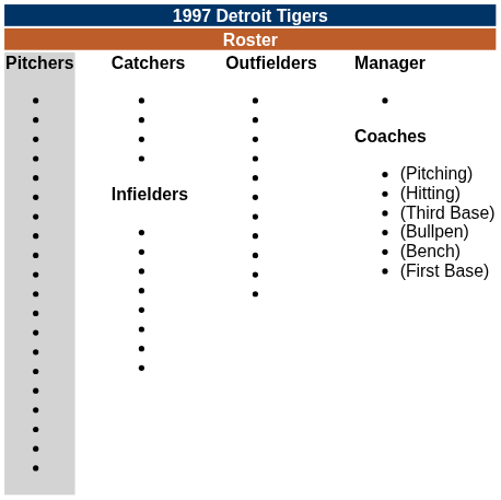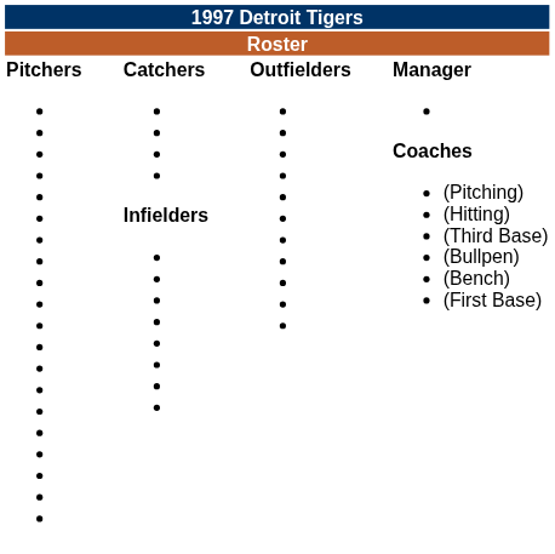 <table class="toccolours" style="font-size: 95%;">
 <tr>
 <th colspan="10" style="background-color: #003366; color: white; text-align: center;">1997 Detroit Tigers</th>
 </tr>
 <tr>
 <td colspan="10" style="background-color: #bd5d29; color: white; text-align: center;"><strong>Roster</strong></td>
 </tr>
 <tr>
-<td valign="top" style="background: lightgrey;"><strong>Pitchers</strong><br><ul><li></li><li></li><li></li><li></li><li></li><li></li><li></li><li></li><li></li><li></li><li></li><li></li><li></li><li></li><li></li><li></li><li></li><li></li><li></li><li></li></ul></td>
+<td valign="top"><strong>Pitchers</strong><br><ul><li></li><li></li><li></li><li></li><li></li><li></li><li></li><li></li><li></li><li></li><li></li><li></li><li></li><li></li><li></li><li></li><li></li><li></li><li></li><li></li></ul></td>
 <td width="25px"></td>
 <td valign="top"><strong>Catchers</strong><br><ul><li></li><li></li><li></li><li></li></ul><strong>Infielders</strong><ul><li></li><li></li><li></li><li></li><li></li><li></li><li></li><li></li></ul></td>
 <td width="25px"></td>
 <td valign="top"><strong>Outfielders</strong><br><ul><li></li><li></li><li></li><li></li><li></li><li></li><li></li><li></li><li></li><li></li><li></li></ul></td>
 <td width="25px"></td>
 <td valign="top"><strong>Manager</strong><br><ul><li></li></ul><strong>Coaches</strong><ul><li> (Pitching)</li><li> (Hitting)</li><li> (Third Base)</li><li> (Bullpen)</li><li> (Bench)</li><li> (First Base)</li></ul></td>
 </tr>
 <tr>
 </tr>
 </table>
